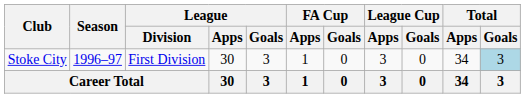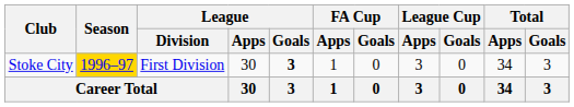 <table class="wikitable" style="text-align: center;">
 <tr>
 <th rowspan="2">Club</th>
 <th rowspan="2">Season</th>
 <th colspan="3">League</th>
 <th colspan="2">FA Cup</th>
 <th colspan="2">League Cup</th>
 <th colspan="2">Total</th>
 </tr>
 <tr>
 <th>Division</th>
 <th>Apps</th>
 <th>Goals</th>
 <th>Apps</th>
 <th>Goals</th>
 <th>Apps</th>
 <th>Goals</th>
 <th>Apps</th>
 <th>Goals</th>
 </tr>
 <tr>
 <td><a href='#'>Stoke City</a></td>
-<td><a href='#'>1996–97</a></td>
+<td style="background: gold;"><a href='#'>1996–97</a></td>
 <td><a href='#'>First Division</a></td>
 <td>30</td>
-<td>3</td>
+<td><strong>3</strong></td>
 <td>1</td>
 <td>0</td>
 <td>3</td>
 <td>0</td>
 <td>34</td>
-<td style="background: lightblue;">3</td>
+<td>3</td>
 </tr>
 <tr>
 <th colspan="3">Career Total</th>
 <th>30</th>
 <th>3</th>
 <th>1</th>
 <th>0</th>
 <th>3</th>
 <th>0</th>
 <th>34</th>
 <th>3</th>
 </tr>
 </table>
